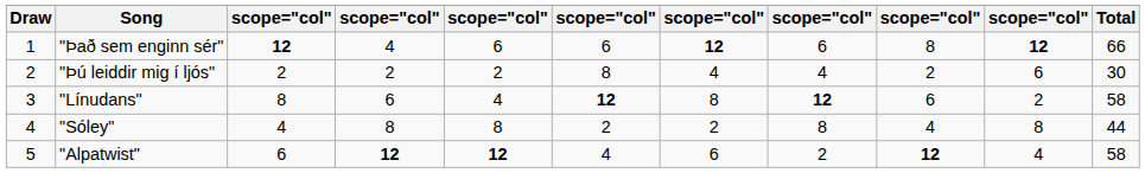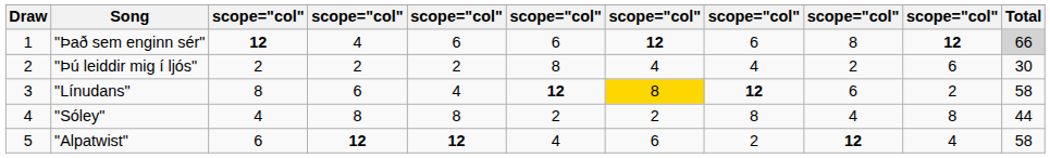 <table class="wikitable plainrowheaders" style="margin: 1em auto 1em auto; text-align:center;">
 <tr>
 </tr>
 <tr>
 <th scope="col">Draw</th>
 <th scope="col">Song</th>
 <th>scope="col" </th>
 <th>scope="col" </th>
 <th>scope="col" </th>
 <th>scope="col" </th>
 <th>scope="col" </th>
 <th>scope="col" </th>
 <th>scope="col" </th>
 <th>scope="col" </th>
 <th scope="col">Total</th>
 </tr>
 <tr --->
 <td>1</td>
 <td align="left">"Það sem enginn sér"</td>
 <td><strong>12</strong></td>
 <td>4</td>
 <td>6</td>
 <td>6</td>
 <td><strong>12</strong></td>
 <td>6</td>
 <td>8</td>
 <td><strong>12</strong></td>
-<td>66</td>
+<td style="background: lightgrey;">66</td>
 </tr>
 <tr --->
 <td>2</td>
 <td align="left">"Þú leiddir mig í ljós"</td>
 <td>2</td>
 <td>2</td>
 <td>2</td>
 <td>8</td>
 <td>4</td>
 <td>4</td>
 <td>2</td>
 <td>6</td>
 <td>30</td>
 </tr>
 <tr --->
 <td>3</td>
 <td align="left">"Línudans"</td>
 <td>8</td>
 <td>6</td>
 <td>4</td>
 <td><strong>12</strong></td>
-<td>8</td>
+<td style="background: gold;">8</td>
 <td><strong>12</strong></td>
 <td>6</td>
 <td>2</td>
 <td>58</td>
 </tr>
 <tr --->
 <td>4</td>
 <td align="left">"Sóley"</td>
 <td>4</td>
 <td>8</td>
 <td>8</td>
 <td>2</td>
 <td>2</td>
 <td>8</td>
 <td>4</td>
 <td>8</td>
 <td>44</td>
 </tr>
 <tr --->
 <td>5</td>
 <td align="left">"Alpatwist"</td>
 <td>6</td>
 <td><strong>12</strong></td>
 <td><strong>12</strong></td>
 <td>4</td>
 <td>6</td>
 <td>2</td>
 <td><strong>12</strong></td>
 <td>4</td>
 <td>58</td>
 </tr>
 </table>
